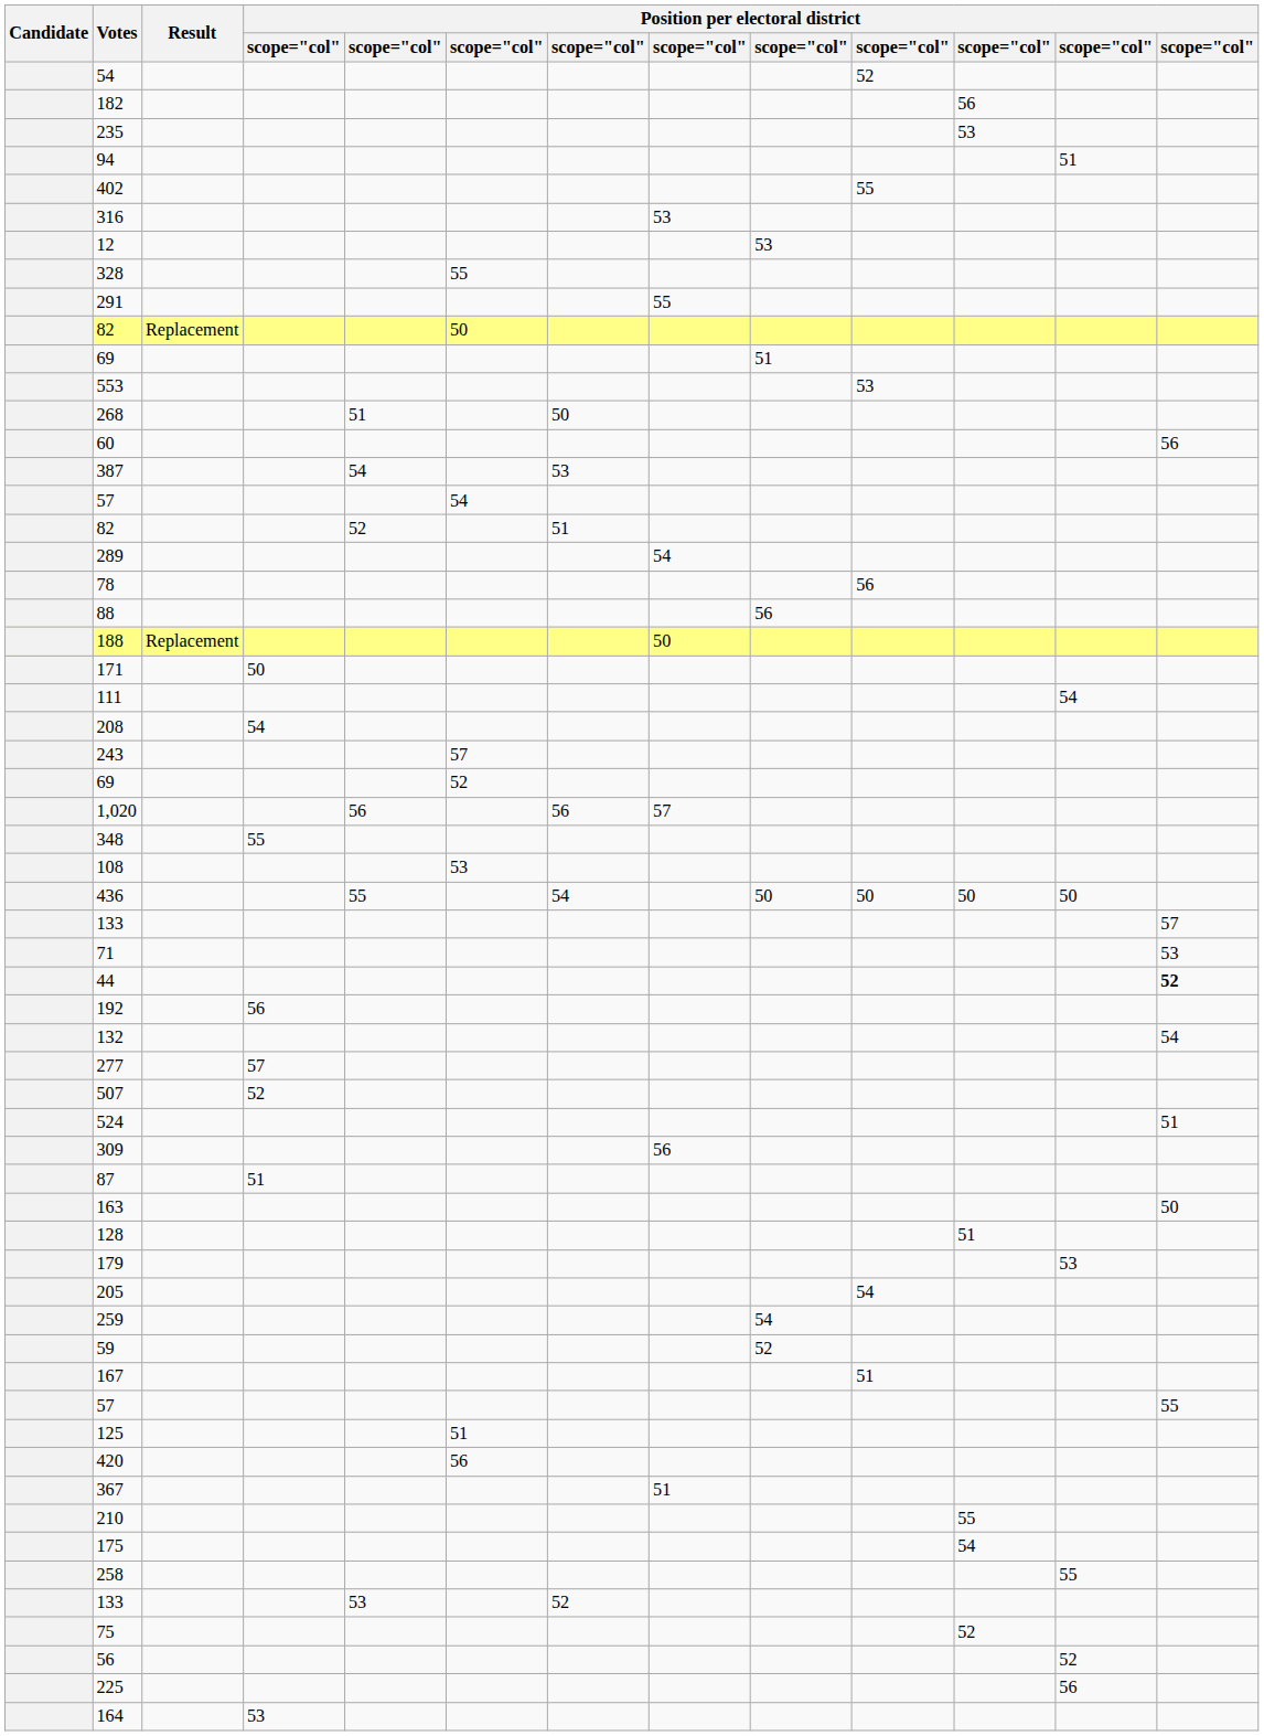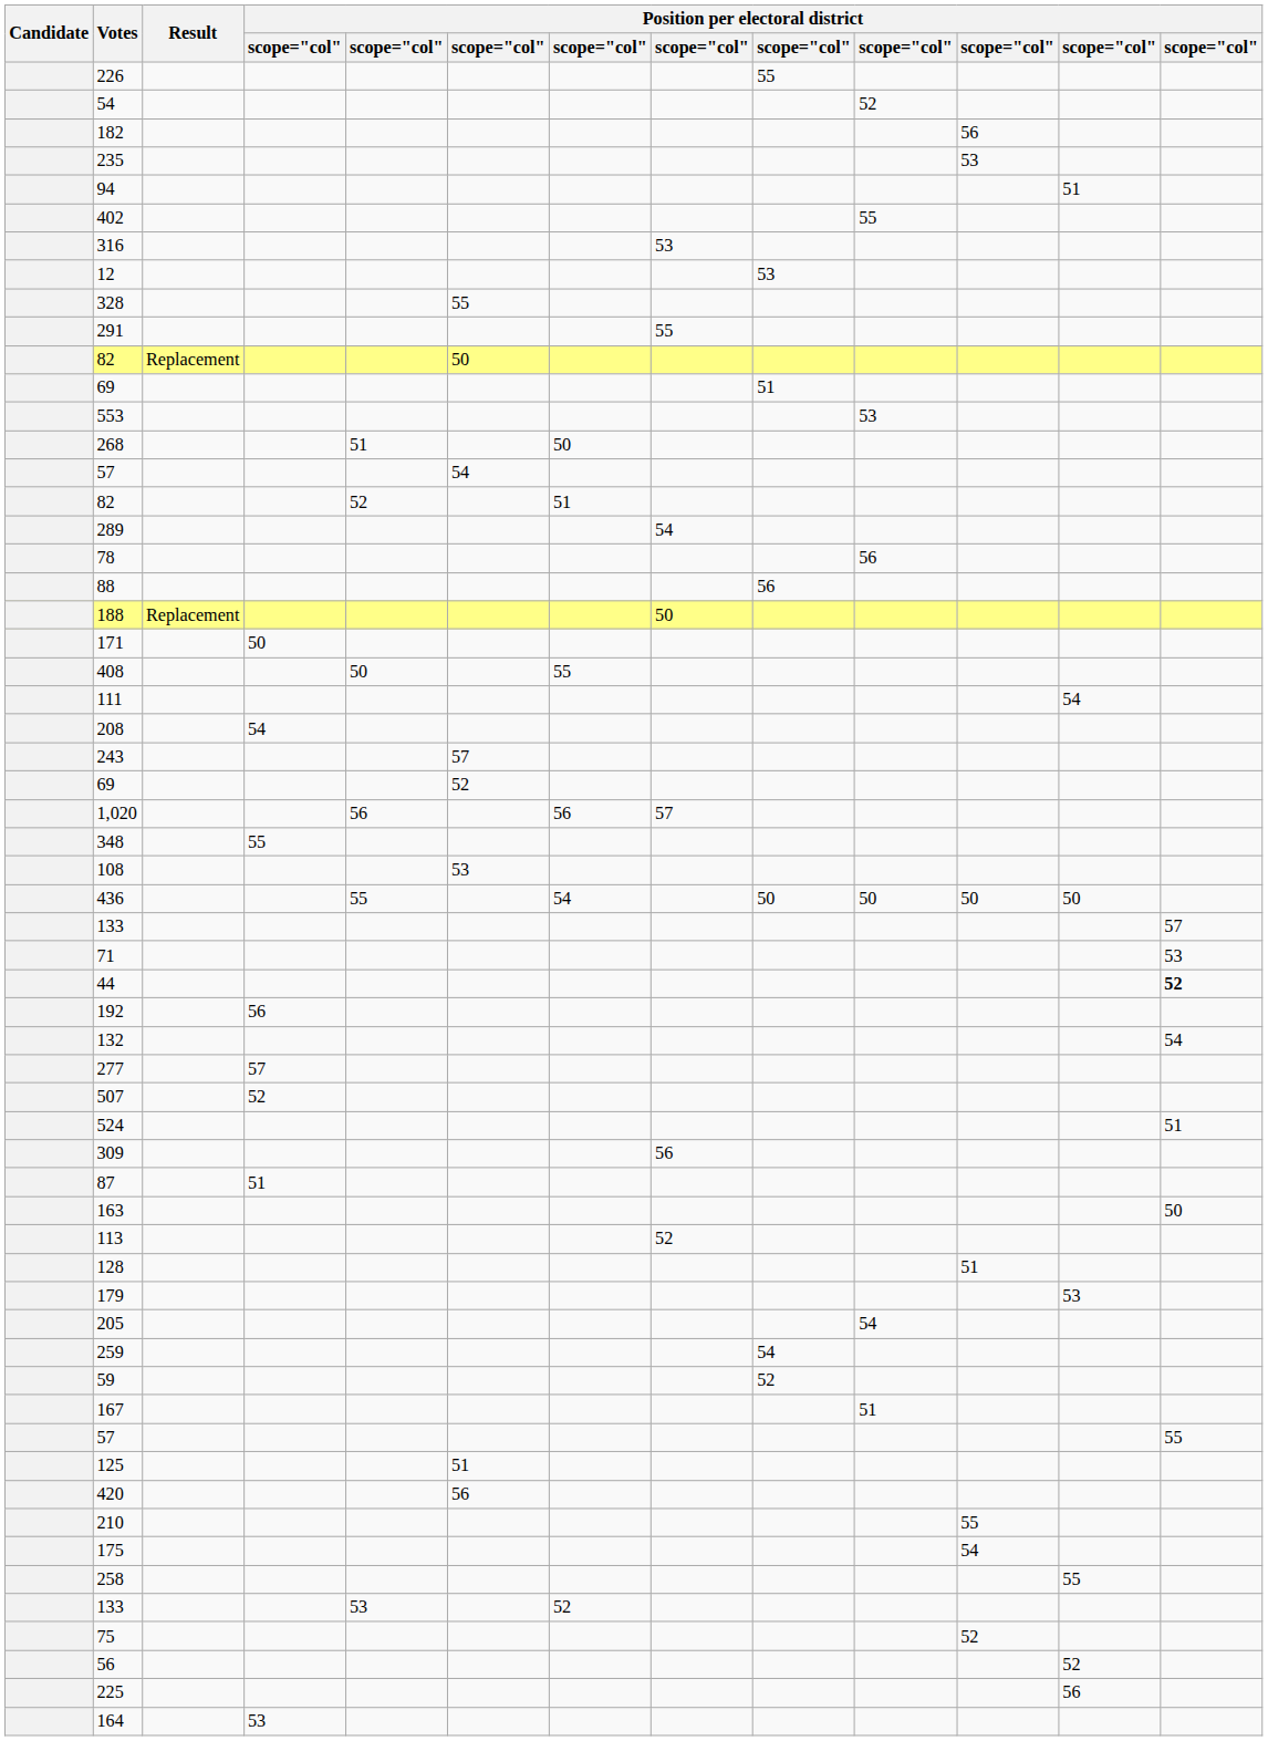 <table class="wikitable sortable defaultright col3left">
 <tr>
 <th scope="col" rowspan="2">Candidate</th>
 <th scope="col" rowspan="2">Votes</th>
 <th scope="col" rowspan="2">Result</th>
 <th scope="col" colspan="10">Position per electoral district</th>
 </tr>
 <tr>
 <th>scope="col" </th>
 <th>scope="col" </th>
 <th>scope="col" </th>
 <th>scope="col" </th>
 <th>scope="col" </th>
 <th>scope="col" </th>
 <th>scope="col" </th>
 <th>scope="col" </th>
 <th>scope="col" </th>
 <th>scope="col" </th>
+</tr>
+<tr>
+<th scope="row"></th>
+<td>226</td>
+<td></td>
+<td></td>
+<td></td>
+<td></td>
+<td></td>
+<td></td>
+<td>55</td>
+<td></td>
+<td></td>
+<td></td>
+<td></td>
 </tr>
 <tr>
 <th scope="row"></th>
 <td>54</td>
 <td></td>
 <td></td>
 <td></td>
 <td></td>
 <td></td>
 <td></td>
 <td></td>
 <td>52</td>
 <td></td>
 <td></td>
 <td></td>
 </tr>
 <tr>
 <th scope="row"></th>
 <td>182</td>
 <td></td>
 <td></td>
 <td></td>
 <td></td>
 <td></td>
 <td></td>
 <td></td>
 <td></td>
 <td>56</td>
 <td></td>
 <td></td>
 </tr>
 <tr>
 <th scope="row"></th>
 <td>235</td>
 <td></td>
 <td></td>
 <td></td>
 <td></td>
 <td></td>
 <td></td>
 <td></td>
 <td></td>
 <td>53</td>
 <td></td>
 <td></td>
 </tr>
 <tr>
 <th scope="row"></th>
 <td>94</td>
 <td></td>
 <td></td>
 <td></td>
 <td></td>
 <td></td>
 <td></td>
 <td></td>
 <td></td>
 <td></td>
 <td>51</td>
 <td></td>
 </tr>
 <tr>
 <th scope="row"></th>
 <td>402</td>
 <td></td>
 <td></td>
 <td></td>
 <td></td>
 <td></td>
 <td></td>
 <td></td>
 <td>55</td>
 <td></td>
 <td></td>
 <td></td>
 </tr>
 <tr>
 <th scope="row"></th>
 <td>316</td>
 <td></td>
 <td></td>
 <td></td>
 <td></td>
 <td></td>
 <td>53</td>
 <td></td>
 <td></td>
 <td></td>
 <td></td>
 <td></td>
 </tr>
 <tr>
 <th scope="row"></th>
 <td>12</td>
 <td></td>
 <td></td>
 <td></td>
 <td></td>
 <td></td>
 <td></td>
 <td>53</td>
 <td></td>
 <td></td>
 <td></td>
 <td></td>
 </tr>
 <tr>
 <th scope="row"></th>
 <td>328</td>
 <td></td>
 <td></td>
 <td></td>
 <td>55</td>
 <td></td>
 <td></td>
 <td></td>
 <td></td>
 <td></td>
 <td></td>
 <td></td>
 </tr>
 <tr>
 <th scope="row"></th>
 <td>291</td>
 <td></td>
 <td></td>
 <td></td>
 <td></td>
 <td></td>
 <td>55</td>
 <td></td>
 <td></td>
 <td></td>
 <td></td>
 <td></td>
 </tr>
 <tr bgcolor=#FF8>
 <th scope="row"></th>
 <td>82</td>
 <td>Replacement</td>
 <td></td>
 <td></td>
 <td>50</td>
 <td></td>
 <td></td>
 <td></td>
 <td></td>
 <td></td>
 <td></td>
 <td></td>
 </tr>
 <tr>
 <th scope="row"></th>
 <td>69</td>
 <td></td>
 <td></td>
 <td></td>
 <td></td>
 <td></td>
 <td></td>
 <td>51</td>
 <td></td>
 <td></td>
 <td></td>
 <td></td>
 </tr>
 <tr>
 <th scope="row"></th>
 <td>553</td>
 <td></td>
 <td></td>
 <td></td>
 <td></td>
 <td></td>
 <td></td>
 <td></td>
 <td>53</td>
 <td></td>
 <td></td>
 <td></td>
 </tr>
 <tr>
 <th scope="row"></th>
 <td>268</td>
 <td></td>
 <td></td>
 <td>51</td>
 <td></td>
 <td>50</td>
 <td></td>
 <td></td>
 <td></td>
 <td></td>
 <td></td>
 <td></td>
 </tr>
 <tr>
 <th scope="row"></th>
-<td>60</td>
-<td></td>
-<td></td>
-<td></td>
-<td></td>
-<td></td>
-<td></td>
-<td></td>
-<td></td>
-<td></td>
-<td></td>
-<td>56</td>
-</tr>
-<tr>
-<th scope="row"></th>
-<td>387</td>
-<td></td>
-<td></td>
-<td>54</td>
-<td></td>
-<td>53</td>
-<td></td>
-<td></td>
-<td></td>
-<td></td>
-<td></td>
-<td></td>
-</tr>
-<tr>
-<th scope="row"></th>
 <td>57</td>
 <td></td>
 <td></td>
 <td></td>
 <td>54</td>
 <td></td>
 <td></td>
 <td></td>
 <td></td>
 <td></td>
 <td></td>
 <td></td>
 </tr>
 <tr>
 <th scope="row"></th>
 <td>82</td>
 <td></td>
 <td></td>
 <td>52</td>
 <td></td>
 <td>51</td>
 <td></td>
 <td></td>
 <td></td>
 <td></td>
 <td></td>
 <td></td>
 </tr>
 <tr>
 <th scope="row"></th>
 <td>289</td>
 <td></td>
 <td></td>
 <td></td>
 <td></td>
 <td></td>
 <td>54</td>
 <td></td>
 <td></td>
 <td></td>
 <td></td>
 <td></td>
 </tr>
 <tr>
 <th scope="row"></th>
 <td>78</td>
 <td></td>
 <td></td>
 <td></td>
 <td></td>
 <td></td>
 <td></td>
 <td></td>
 <td>56</td>
 <td></td>
 <td></td>
 <td></td>
 </tr>
 <tr>
 <th scope="row"></th>
 <td>88</td>
 <td></td>
 <td></td>
 <td></td>
 <td></td>
 <td></td>
 <td></td>
 <td>56</td>
 <td></td>
 <td></td>
 <td></td>
 <td></td>
 </tr>
 <tr bgcolor=#FF8>
 <th scope="row"></th>
 <td>188</td>
 <td>Replacement</td>
 <td></td>
 <td></td>
 <td></td>
 <td></td>
 <td>50</td>
 <td></td>
 <td></td>
 <td></td>
 <td></td>
 <td></td>
 </tr>
 <tr>
 <th scope="row"></th>
 <td>171</td>
 <td></td>
 <td>50</td>
 <td></td>
 <td></td>
 <td></td>
+<td></td>
+<td></td>
+<td></td>
+<td></td>
+<td></td>
+<td></td>
+</tr>
+<tr>
+<th scope="row"></th>
+<td>408</td>
+<td></td>
+<td></td>
+<td>50</td>
+<td></td>
+<td>55</td>
 <td></td>
 <td></td>
 <td></td>
 <td></td>
 <td></td>
 <td></td>
 </tr>
 <tr>
 <th scope="row"></th>
 <td>111</td>
 <td></td>
 <td></td>
 <td></td>
 <td></td>
 <td></td>
 <td></td>
 <td></td>
 <td></td>
 <td></td>
 <td>54</td>
 <td></td>
 </tr>
 <tr>
 <th scope="row"></th>
 <td>208</td>
 <td></td>
 <td>54</td>
 <td></td>
 <td></td>
 <td></td>
 <td></td>
 <td></td>
 <td></td>
 <td></td>
 <td></td>
 <td></td>
 </tr>
 <tr>
 <th scope="row"></th>
 <td>243</td>
 <td></td>
 <td></td>
 <td></td>
 <td>57</td>
 <td></td>
 <td></td>
 <td></td>
 <td></td>
 <td></td>
 <td></td>
 <td></td>
 </tr>
 <tr>
 <th scope="row"></th>
 <td>69</td>
 <td></td>
 <td></td>
 <td></td>
 <td>52</td>
 <td></td>
 <td></td>
 <td></td>
 <td></td>
 <td></td>
 <td></td>
 <td></td>
 </tr>
 <tr>
 <th scope="row"></th>
 <td>1,020</td>
 <td></td>
 <td></td>
 <td>56</td>
 <td></td>
 <td>56</td>
 <td>57</td>
 <td></td>
 <td></td>
 <td></td>
 <td></td>
 <td></td>
 </tr>
 <tr>
 <th scope="row"></th>
 <td>348</td>
 <td></td>
 <td>55</td>
 <td></td>
 <td></td>
 <td></td>
 <td></td>
 <td></td>
 <td></td>
 <td></td>
 <td></td>
 <td></td>
 </tr>
 <tr>
 <th scope="row"></th>
 <td>108</td>
 <td></td>
 <td></td>
 <td></td>
 <td>53</td>
 <td></td>
 <td></td>
 <td></td>
 <td></td>
 <td></td>
 <td></td>
 <td></td>
 </tr>
 <tr>
 <th scope="row"></th>
 <td>436</td>
 <td></td>
 <td></td>
 <td>55</td>
 <td></td>
 <td>54</td>
 <td></td>
 <td>50</td>
 <td>50</td>
 <td>50</td>
 <td>50</td>
 <td></td>
 </tr>
 <tr>
 <th scope="row"></th>
 <td>133</td>
 <td></td>
 <td></td>
 <td></td>
 <td></td>
 <td></td>
 <td></td>
 <td></td>
 <td></td>
 <td></td>
 <td></td>
 <td>57</td>
 </tr>
 <tr>
 <th scope="row"></th>
 <td>71</td>
 <td></td>
 <td></td>
 <td></td>
 <td></td>
 <td></td>
 <td></td>
 <td></td>
 <td></td>
 <td></td>
 <td></td>
 <td>53</td>
 </tr>
 <tr>
 <th scope="row"></th>
 <td>44</td>
 <td></td>
 <td></td>
 <td></td>
 <td></td>
 <td></td>
 <td></td>
 <td></td>
 <td></td>
 <td></td>
 <td></td>
 <td><strong>52</strong></td>
 </tr>
 <tr>
 <th scope="row"></th>
 <td>192</td>
 <td></td>
 <td>56</td>
 <td></td>
 <td></td>
 <td></td>
 <td></td>
 <td></td>
 <td></td>
 <td></td>
 <td></td>
 <td></td>
 </tr>
 <tr>
 <th scope="row"></th>
 <td>132</td>
 <td></td>
 <td></td>
 <td></td>
 <td></td>
 <td></td>
 <td></td>
 <td></td>
 <td></td>
 <td></td>
 <td></td>
 <td>54</td>
 </tr>
 <tr>
 <th scope="row"></th>
 <td>277</td>
 <td></td>
 <td>57</td>
 <td></td>
 <td></td>
 <td></td>
 <td></td>
 <td></td>
 <td></td>
 <td></td>
 <td></td>
 <td></td>
 </tr>
 <tr>
 <th scope="row"></th>
 <td>507</td>
 <td></td>
 <td>52</td>
 <td></td>
 <td></td>
 <td></td>
 <td></td>
 <td></td>
 <td></td>
 <td></td>
 <td></td>
 <td></td>
 </tr>
 <tr>
 <th scope="row"></th>
 <td>524</td>
 <td></td>
 <td></td>
 <td></td>
 <td></td>
 <td></td>
 <td></td>
 <td></td>
 <td></td>
 <td></td>
 <td></td>
 <td>51</td>
 </tr>
 <tr>
 <th scope="row"></th>
 <td>309</td>
 <td></td>
 <td></td>
 <td></td>
 <td></td>
 <td></td>
 <td>56</td>
 <td></td>
 <td></td>
 <td></td>
 <td></td>
 <td></td>
 </tr>
 <tr>
 <th scope="row"></th>
 <td>87</td>
 <td></td>
 <td>51</td>
 <td></td>
 <td></td>
 <td></td>
 <td></td>
 <td></td>
 <td></td>
 <td></td>
 <td></td>
 <td></td>
 </tr>
 <tr>
 <th scope="row"></th>
 <td>163</td>
 <td></td>
 <td></td>
 <td></td>
 <td></td>
 <td></td>
 <td></td>
 <td></td>
 <td></td>
 <td></td>
 <td></td>
 <td>50</td>
 </tr>
 <tr>
 <th scope="row"></th>
+<td>113</td>
+<td></td>
+<td></td>
+<td></td>
+<td></td>
+<td></td>
+<td>52</td>
+<td></td>
+<td></td>
+<td></td>
+<td></td>
+<td></td>
+</tr>
+<tr>
+<th scope="row"></th>
 <td>128</td>
 <td></td>
 <td></td>
 <td></td>
 <td></td>
 <td></td>
 <td></td>
 <td></td>
 <td></td>
 <td>51</td>
 <td></td>
 <td></td>
 </tr>
 <tr>
 <th scope="row"></th>
 <td>179</td>
 <td></td>
 <td></td>
 <td></td>
 <td></td>
 <td></td>
 <td></td>
 <td></td>
 <td></td>
 <td></td>
 <td>53</td>
 <td></td>
 </tr>
 <tr>
 <th scope="row"></th>
 <td>205</td>
 <td></td>
 <td></td>
 <td></td>
 <td></td>
 <td></td>
 <td></td>
 <td></td>
 <td>54</td>
 <td></td>
 <td></td>
 <td></td>
 </tr>
 <tr>
 <th scope="row"></th>
 <td>259</td>
 <td></td>
 <td></td>
 <td></td>
 <td></td>
 <td></td>
 <td></td>
 <td>54</td>
 <td></td>
 <td></td>
 <td></td>
 <td></td>
 </tr>
 <tr>
 <th scope="row"></th>
 <td>59</td>
 <td></td>
 <td></td>
 <td></td>
 <td></td>
 <td></td>
 <td></td>
 <td>52</td>
 <td></td>
 <td></td>
 <td></td>
 <td></td>
 </tr>
 <tr>
 <th scope="row"></th>
 <td>167</td>
 <td></td>
 <td></td>
 <td></td>
 <td></td>
 <td></td>
 <td></td>
 <td></td>
 <td>51</td>
 <td></td>
 <td></td>
 <td></td>
 </tr>
 <tr>
 <th scope="row"></th>
 <td>57</td>
 <td></td>
 <td></td>
 <td></td>
 <td></td>
 <td></td>
 <td></td>
 <td></td>
 <td></td>
 <td></td>
 <td></td>
 <td>55</td>
 </tr>
 <tr>
 <th scope="row"></th>
 <td>125</td>
 <td></td>
 <td></td>
 <td></td>
 <td>51</td>
 <td></td>
 <td></td>
 <td></td>
 <td></td>
 <td></td>
 <td></td>
 <td></td>
 </tr>
 <tr>
 <th scope="row"></th>
 <td>420</td>
 <td></td>
 <td></td>
 <td></td>
 <td>56</td>
 <td></td>
 <td></td>
 <td></td>
 <td></td>
 <td></td>
 <td></td>
 <td></td>
 </tr>
 <tr>
 <th scope="row"></th>
-<td>367</td>
-<td></td>
-<td></td>
-<td></td>
-<td></td>
-<td></td>
-<td>51</td>
-<td></td>
-<td></td>
-<td></td>
-<td></td>
-<td></td>
-</tr>
-<tr>
-<th scope="row"></th>
 <td>210</td>
 <td></td>
 <td></td>
 <td></td>
 <td></td>
 <td></td>
 <td></td>
 <td></td>
 <td></td>
 <td>55</td>
 <td></td>
 <td></td>
 </tr>
 <tr>
 <th scope="row"></th>
 <td>175</td>
 <td></td>
 <td></td>
 <td></td>
 <td></td>
 <td></td>
 <td></td>
 <td></td>
 <td></td>
 <td>54</td>
 <td></td>
 <td></td>
 </tr>
 <tr>
 <th scope="row"></th>
 <td>258</td>
 <td></td>
 <td></td>
 <td></td>
 <td></td>
 <td></td>
 <td></td>
 <td></td>
 <td></td>
 <td></td>
 <td>55</td>
 <td></td>
 </tr>
 <tr>
 <th scope="row"></th>
 <td>133</td>
 <td></td>
 <td></td>
 <td>53</td>
 <td></td>
 <td>52</td>
 <td></td>
 <td></td>
 <td></td>
 <td></td>
 <td></td>
 <td></td>
 </tr>
 <tr>
 <th scope="row"></th>
 <td>75</td>
 <td></td>
 <td></td>
 <td></td>
 <td></td>
 <td></td>
 <td></td>
 <td></td>
 <td></td>
 <td>52</td>
 <td></td>
 <td></td>
 </tr>
 <tr>
 <th scope="row"></th>
 <td>56</td>
 <td></td>
 <td></td>
 <td></td>
 <td></td>
 <td></td>
 <td></td>
 <td></td>
 <td></td>
 <td></td>
 <td>52</td>
 <td></td>
 </tr>
 <tr>
 <th scope="row"></th>
 <td>225</td>
 <td></td>
 <td></td>
 <td></td>
 <td></td>
 <td></td>
 <td></td>
 <td></td>
 <td></td>
 <td></td>
 <td>56</td>
 <td></td>
 </tr>
 <tr>
 <th scope="row"></th>
 <td>164</td>
 <td></td>
 <td>53</td>
 <td></td>
 <td></td>
 <td></td>
 <td></td>
 <td></td>
 <td></td>
 <td></td>
 <td></td>
 <td></td>
 </tr>
 </table>
